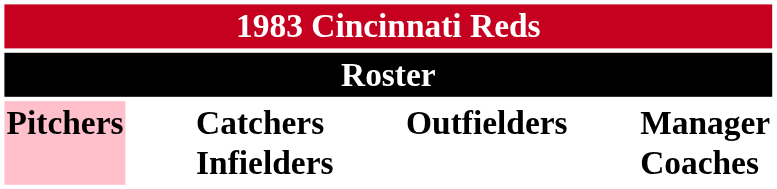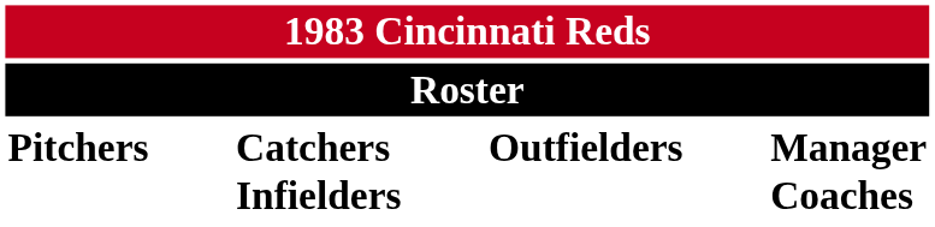 <table class="toccolours" style="font-size: 95%;">
 <tr>
 <th colspan="10" style="background-color: #c6011f; color: white; text-align: center;">1983 Cincinnati Reds</th>
 </tr>
 <tr>
 <td colspan="10" style="background-color: black; color: white; text-align: center;"><strong>Roster</strong></td>
 </tr>
 <tr>
-<td valign="top" style="background: pink;"><strong>Pitchers</strong><br>             </td>
+<td valign="top"><strong>Pitchers</strong><br>             </td>
 <td width="25px"></td>
 <td valign="top"><strong>Catchers</strong><br>    <strong>Infielders</strong>          </td>
 <td width="25px"></td>
 <td valign="top"><strong>Outfielders</strong><br>      </td>
 <td width="25px"></td>
 <td valign="top"><strong>Manager</strong><br> <strong>Coaches</strong>    </td>
 </tr>
 </table>
